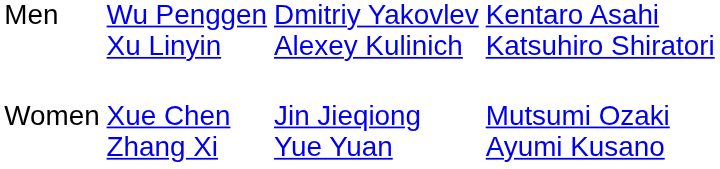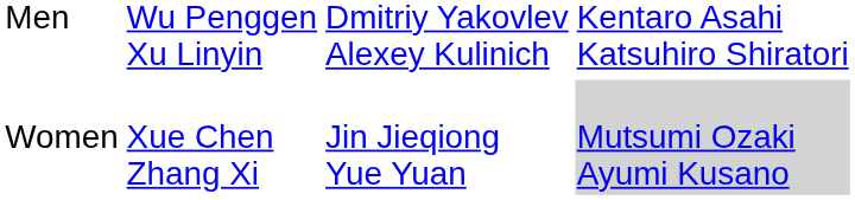 <table>
 <tr>
 <td>Men</td>
 <td><br><a href='#'>Wu Penggen</a><br><a href='#'>Xu Linyin</a></td>
 <td><br><a href='#'>Dmitriy Yakovlev</a><br><a href='#'>Alexey Kulinich</a></td>
 <td><br><a href='#'>Kentaro Asahi</a><br><a href='#'>Katsuhiro Shiratori</a></td>
 </tr>
 <tr>
 <td>Women</td>
 <td><br><a href='#'>Xue Chen</a><br><a href='#'>Zhang Xi</a></td>
 <td><br><a href='#'>Jin Jieqiong</a><br><a href='#'>Yue Yuan</a></td>
-<td><br><a href='#'>Mutsumi Ozaki</a><br><a href='#'>Ayumi Kusano</a></td>
+<td style="background: lightgrey;"><br><a href='#'>Mutsumi Ozaki</a><br><a href='#'>Ayumi Kusano</a></td>
 </tr>
 </table>
